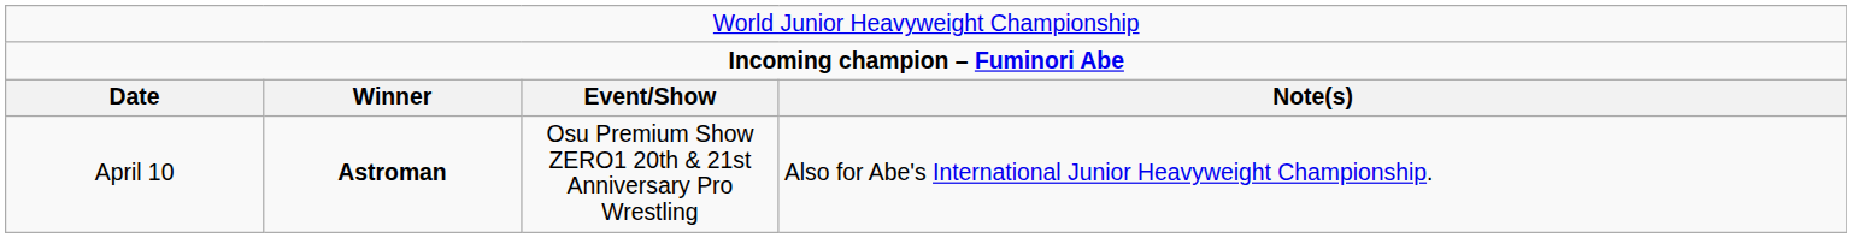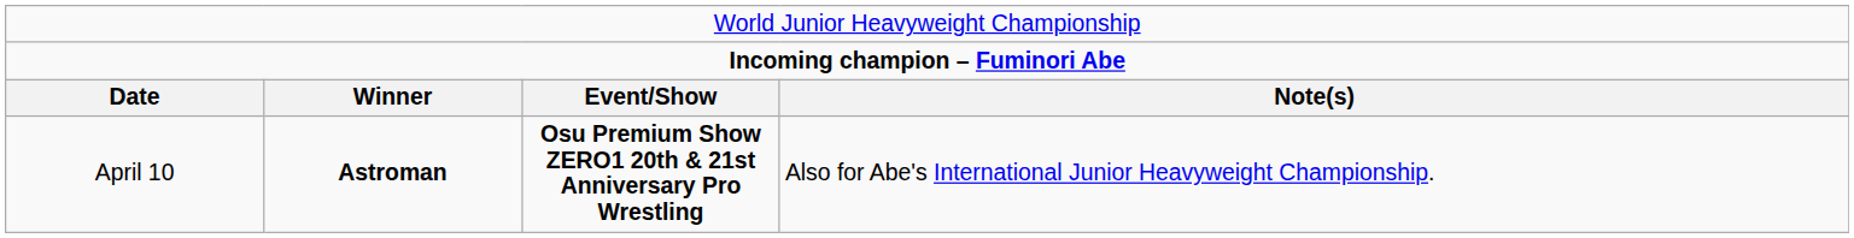 <table class="wikitable" style="text-align:center; width:100%;">
 <tr>
 <td colspan="4" style="text-align: center;"><a href='#'>World Junior Heavyweight Championship</a></td>
 </tr>
 <tr>
 <td colspan="4" style="text-align: center;"><strong>Incoming champion – <a href='#'>Fuminori Abe</a></strong></td>
 </tr>
 <tr>
 <th width=14%>Date</th>
 <th width=14%>Winner</th>
 <th width=14%>Event/Show</th>
 <th width=58%>Note(s)</th>
 </tr>
 <tr>
 <td>April 10</td>
 <td><strong>Astroman</strong></td>
-<td>Osu Premium Show ZERO1 20th & 21st Anniversary Pro Wrestling</td>
+<td><strong>Osu Premium Show ZERO1 20th & 21st Anniversary Pro Wrestling</strong></td>
 <td align=left>Also for Abe's <a href='#'>International Junior Heavyweight Championship</a>.</td>
 </tr>
 </table>
